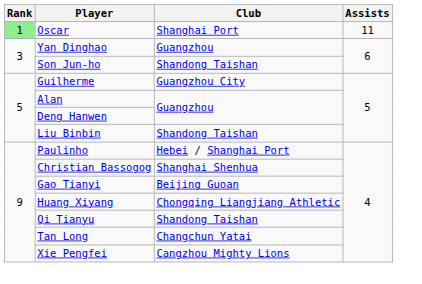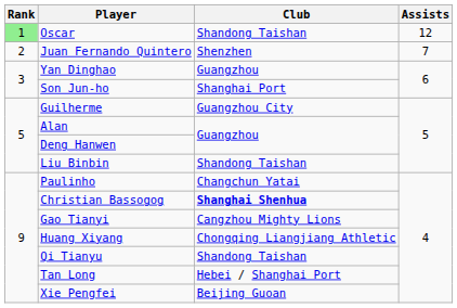 <table class="wikitable" style="text-align:center">
 <tr>
 <th>Rank</th>
 <th>Player</th>
 <th>Club</th>
 <th>Assists</th>
 </tr>
 <tr>
 <td style="background: lightgreen;">1</td>
 <td align="left"> <a href='#'>Oscar</a></td>
-<td align="left"><a href='#'>Shanghai Port</a></td>
-<td>11</td>
+<td align="left"><a href='#'>Shandong Taishan</a></td>
+<td>12</td>
+</tr>
+<tr>
+<td>2</td>
+<td align="left"> <a href='#'>Juan Fernando Quintero</a></td>
+<td align="left"><a href='#'>Shenzhen</a></td>
+<td>7</td>
 </tr>
 <tr>
 <td rowspan=2>3</td>
 <td align="left"> <a href='#'>Yan Dinghao</a></td>
 <td align="left"><a href='#'>Guangzhou</a></td>
 <td rowspan=2>6</td>
 </tr>
 <tr>
 <td align="left"> <a href='#'>Son Jun-ho</a></td>
-<td align="left"><a href='#'>Shandong Taishan</a></td>
+<td align="left"><a href='#'>Shanghai Port</a></td>
 </tr>
 <tr>
 <td rowspan=4>5</td>
 <td align="left"> <a href='#'>Guilherme</a></td>
 <td align="left"><a href='#'>Guangzhou City</a></td>
 <td rowspan=4>5</td>
 </tr>
 <tr>
 <td align="left"> <a href='#'>Alan</a></td>
 <td rowspan=2 align="left"><a href='#'>Guangzhou</a></td>
 </tr>
 <tr>
 <td align="left"> <a href='#'>Deng Hanwen</a></td>
 </tr>
 <tr>
 <td align="left"> <a href='#'>Liu Binbin</a></td>
 <td align="left"><a href='#'>Shandong Taishan</a></td>
 </tr>
 <tr>
 <td rowspan=7>9</td>
 <td align="left"> <a href='#'>Paulinho</a></td>
-<td align="left"><a href='#'>Hebei</a> / <a href='#'>Shanghai Port</a></td>
+<td align="left"><a href='#'>Changchun Yatai</a></td>
 <td rowspan=7>4</td>
 </tr>
 <tr>
 <td align="left"> <a href='#'>Christian Bassogog</a></td>
-<td align="left"><a href='#'>Shanghai Shenhua</a></td>
+<td align="left"><strong><a href='#'>Shanghai Shenhua</a></strong></td>
 </tr>
 <tr>
 <td align="left"> <a href='#'>Gao Tianyi</a></td>
-<td align="left"><a href='#'>Beijing Guoan</a></td>
+<td align="left"><a href='#'>Cangzhou Mighty Lions</a></td>
 </tr>
 <tr>
 <td align="left"> <a href='#'>Huang Xiyang</a></td>
 <td align="left"><a href='#'>Chongqing Liangjiang Athletic</a></td>
 </tr>
 <tr>
 <td align="left"> <a href='#'>Qi Tianyu</a></td>
 <td align="left"><a href='#'>Shandong Taishan</a></td>
 </tr>
 <tr>
 <td align="left"> <a href='#'>Tan Long</a></td>
-<td align="left"><a href='#'>Changchun Yatai</a></td>
+<td align="left"><a href='#'>Hebei</a> / <a href='#'>Shanghai Port</a></td>
 </tr>
 <tr>
 <td align="left"> <a href='#'>Xie Pengfei</a></td>
-<td align="left"><a href='#'>Cangzhou Mighty Lions</a></td>
+<td align="left"><a href='#'>Beijing Guoan</a></td>
 </tr>
 </table>
